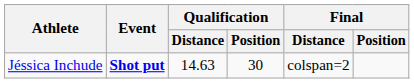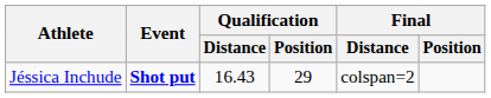 <table class=wikitable style="font-size:90%">
 <tr>
 <th rowspan="2">Athlete</th>
 <th rowspan="2">Event</th>
 <th colspan="2">Qualification</th>
 <th colspan="2">Final</th>
 </tr>
 <tr style="font-size:95%">
 <th>Distance</th>
 <th>Position</th>
 <th>Distance</th>
 <th>Position</th>
 </tr>
 <tr style=text-align:center>
 <td style=text-align:left><a href='#'>Jéssica Inchude</a></td>
 <td style=text-align:left><strong><a href='#'>Shot put</a></strong></td>
-<td>14.63</td>
-<td>30</td>
+<td>16.43</td>
+<td>29</td>
 <td>colspan=2 </td>
 </tr>
 </table>
